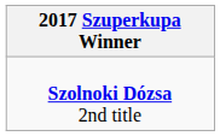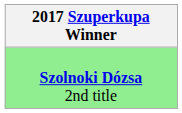 <table class=wikitable style="text-align:center; width:175px; margin:auto">
 <tr>
 <th>2017 <a href='#'>Szuperkupa</a><br>Winner</th>
 </tr>
 <tr>
-<td align=center><br><strong><a href='#'>Szolnoki Dózsa</a></strong><br>2nd title</td>
+<td align=center style="background: lightgreen;"><br><strong><a href='#'>Szolnoki Dózsa</a></strong><br>2nd title</td>
 </tr>
 </table>
